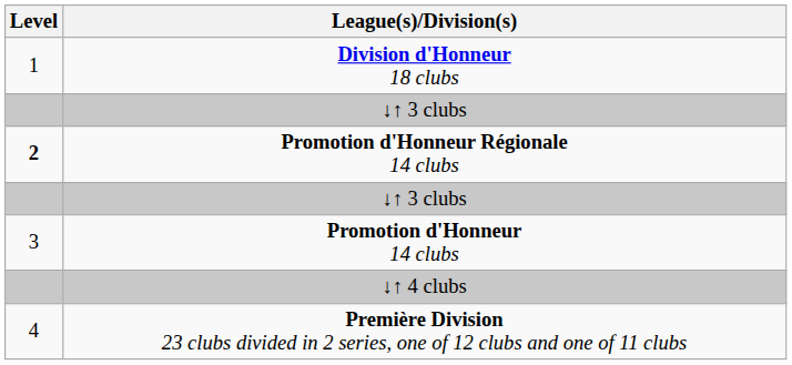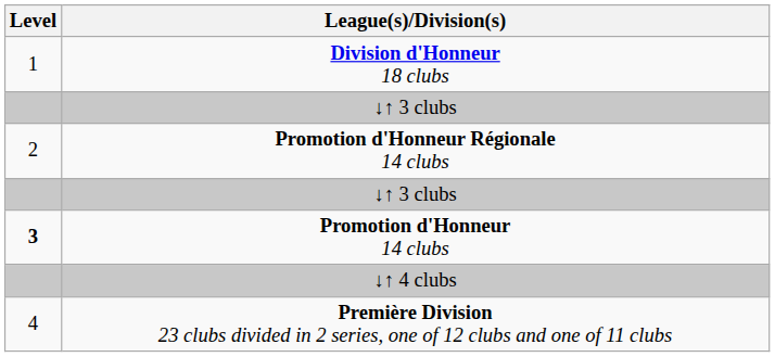 <table class="wikitable" style="text-align: center;">
 <tr>
 <th>Level</th>
 <th colspan="12">League(s)/Division(s)</th>
 </tr>
 <tr>
 <td>1</td>
 <td colspan="12"><strong><a href='#'>Division d'Honneur</a></strong><br><em>18 clubs</em></td>
 </tr>
 <tr style="background:#c8c8c8">
 <td style="width:4%;"></td>
 <td colspan="9" style="width:96%;">↓↑ 3 clubs</td>
 </tr>
 <tr>
-<td><strong>2</strong></td>
+<td>2</td>
 <td colspan="12"><strong>Promotion d'Honneur Régionale</strong><br><em>14 clubs</em></td>
 </tr>
 <tr style="background:#c8c8c8">
 <td style="width:4%;"></td>
 <td colspan="9" style="width:96%;">↓↑ 3 clubs</td>
 </tr>
 <tr>
-<td>3</td>
+<td><strong>3</strong></td>
 <td colspan="12"><strong>Promotion d'Honneur</strong><br><em>14 clubs</em></td>
 </tr>
 <tr style="background:#c8c8c8">
 <td style="width:4%;"></td>
 <td colspan="9" style="width:96%;">↓↑ 4 clubs</td>
 </tr>
 <tr>
 <td>4</td>
 <td colspan="12"><strong>Première Division</strong><br><em>23 clubs divided in 2 series, one of 12 clubs and one of 11 clubs</em></td>
 </tr>
 </table>
